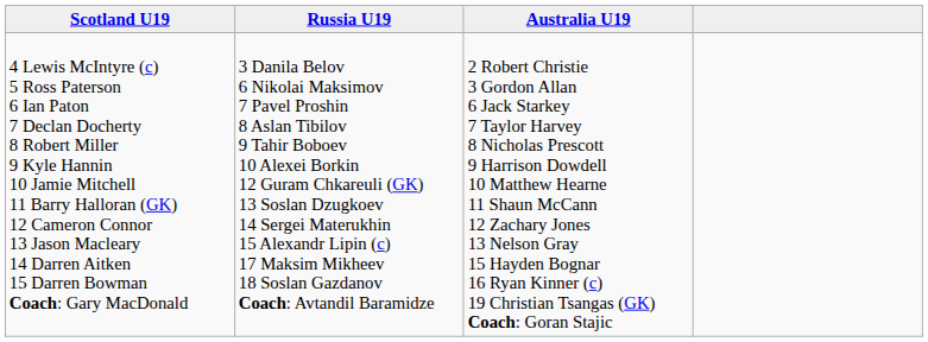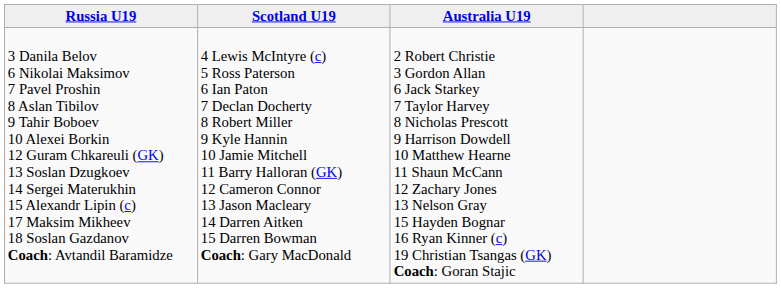 <table class="wikitable mw-collapsible mw-collapsed" cellpadding=5 cellspacing=0 style="width:95%">
 <tr align=center>
+<td bgcolor="#efefef" width="200"><strong> <a href='#'>Russia U19</a></strong></td>
 <td bgcolor="#efefef" width="200"><strong> <a href='#'>Scotland U19</a></strong></td>
-<td bgcolor="#efefef" width="200"><strong> <a href='#'>Russia U19</a></strong></td>
 <td bgcolor="#efefef" width="200"><strong> <a href='#'>Australia U19</a></strong></td>
 <td bgcolor="#efefef" width="200"></td>
 </tr>
 <tr valign=top>
+<td><br>3 Danila Belov<br> 6 Nikolai Maksimov<br> 7 Pavel Proshin<br> 8 Aslan Tibilov<br> 9 Tahir Boboev<br> 10 Alexei Borkin<br> 12 Guram Chkareuli (<a href='#'>GK</a>)<br> 13 Soslan Dzugkoev<br> 14 Sergei Materukhin<br> 15 Alexandr Lipin (<a href='#'>c</a>)<br> 17 Maksim Mikheev<br> 18 Soslan Gazdanov<br><strong>Coach</strong>: Avtandil Baramidze</td>
 <td><br>4 Lewis McIntyre (<a href='#'>c</a>)<br> 5 Ross Paterson<br> 6 Ian Paton<br> 7 Declan Docherty<br> 8 Robert Miller<br> 9 Kyle Hannin<br> 10 Jamie Mitchell<br> 11 Barry Halloran (<a href='#'>GK</a>)<br> 12 Cameron Connor<br> 13 Jason Macleary<br> 14 Darren Aitken<br> 15 Darren Bowman<br><strong>Coach</strong>: Gary MacDonald</td>
-<td><br>3 Danila Belov<br> 6 Nikolai Maksimov<br> 7 Pavel Proshin<br> 8 Aslan Tibilov<br> 9 Tahir Boboev<br> 10 Alexei Borkin<br> 12 Guram Chkareuli (<a href='#'>GK</a>)<br> 13 Soslan Dzugkoev<br> 14 Sergei Materukhin<br> 15 Alexandr Lipin (<a href='#'>c</a>)<br> 17 Maksim Mikheev<br> 18 Soslan Gazdanov<br><strong>Coach</strong>: Avtandil Baramidze</td>
 <td><br>2 Robert Christie<br> 3 Gordon Allan<br> 6 Jack Starkey<br> 7 Taylor Harvey<br> 8 Nicholas Prescott<br> 9 Harrison Dowdell<br> 10 Matthew Hearne<br> 11 Shaun McCann<br> 12 Zachary Jones<br> 13 Nelson Gray<br> 15 Hayden Bognar<br> 16 Ryan Kinner (<a href='#'>c</a>)<br> 19 Christian Tsangas (<a href='#'>GK</a>)<br> <strong>Coach</strong>: Goran Stajic</td>
 <td></td>
 </tr>
 </table>
